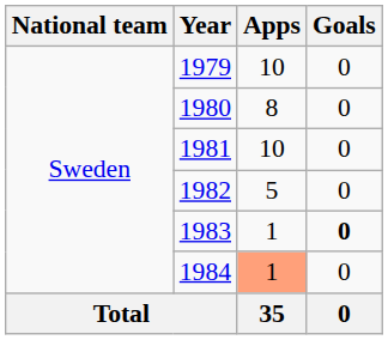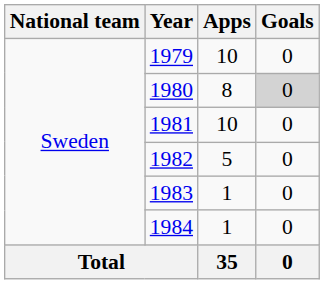 <table class="wikitable" style="text-align:center">
 <tr>
 <th>National team</th>
 <th>Year</th>
 <th>Apps</th>
 <th>Goals</th>
 </tr>
 <tr>
 <td rowspan="6"><a href='#'>Sweden</a></td>
 <td><a href='#'>1979</a></td>
 <td>10</td>
 <td>0</td>
 </tr>
 <tr>
 <td><a href='#'>1980</a></td>
 <td>8</td>
-<td>0</td>
+<td style="background: lightgrey;">0</td>
 </tr>
 <tr>
 <td><a href='#'>1981</a></td>
 <td>10</td>
 <td>0</td>
 </tr>
 <tr>
 <td><a href='#'>1982</a></td>
 <td>5</td>
 <td>0</td>
 </tr>
 <tr>
 <td><a href='#'>1983</a></td>
 <td>1</td>
-<td><strong>0</strong></td>
+<td>0</td>
 </tr>
 <tr>
 <td><a href='#'>1984</a></td>
-<td style="background: lightsalmon;">1</td>
+<td>1</td>
 <td>0</td>
 </tr>
 <tr>
 <th colspan="2">Total</th>
 <th>35</th>
 <th>0</th>
 </tr>
 </table>
